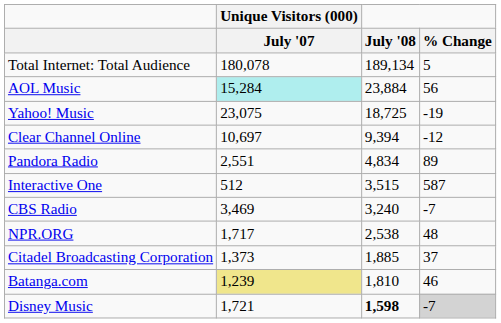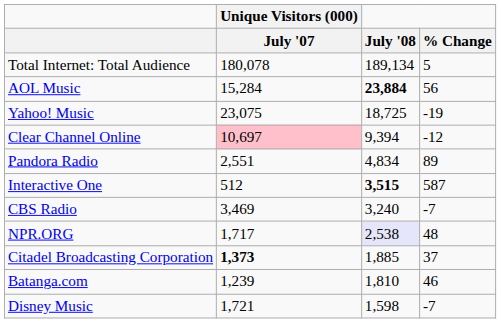 <table class="wikitable">
 <tr>
 <td></td>
 <th>Unique Visitors (000)</th>
 </tr>
 <tr>
 <th></th>
 <th>July '07</th>
 <th>July '08</th>
 <th>% Change</th>
 </tr>
 <tr>
 <td>Total Internet: Total Audience</td>
 <td>180,078</td>
 <td>189,134</td>
 <td>5</td>
 </tr>
 <tr>
 <td><a href='#'>AOL Music</a></td>
-<td style="background: paleturquoise;">15,284</td>
-<td>23,884</td>
+<td>15,284</td>
+<td><strong>23,884</strong></td>
 <td>56</td>
 </tr>
 <tr>
 <td><a href='#'>Yahoo! Music</a></td>
 <td>23,075</td>
 <td>18,725</td>
 <td>-19</td>
 </tr>
 <tr>
 <td><a href='#'>Clear Channel Online</a></td>
-<td>10,697</td>
+<td style="background: pink;">10,697</td>
 <td>9,394</td>
 <td>-12</td>
 </tr>
 <tr>
 <td><a href='#'>Pandora Radio</a></td>
 <td>2,551</td>
 <td>4,834</td>
 <td>89</td>
 </tr>
 <tr>
 <td><a href='#'>Interactive One</a></td>
 <td>512</td>
-<td>3,515</td>
+<td><strong>3,515</strong></td>
 <td>587</td>
 </tr>
 <tr>
 <td><a href='#'>CBS Radio</a></td>
 <td>3,469</td>
 <td>3,240</td>
 <td>-7</td>
 </tr>
 <tr>
 <td><a href='#'>NPR.ORG</a></td>
 <td>1,717</td>
-<td>2,538</td>
+<td style="background: lavender;">2,538</td>
 <td>48</td>
 </tr>
 <tr>
 <td><a href='#'>Citadel Broadcasting Corporation</a></td>
-<td>1,373</td>
+<td><strong>1,373</strong></td>
 <td>1,885</td>
 <td>37</td>
 </tr>
 <tr>
 <td><a href='#'>Batanga.com</a></td>
-<td style="background: khaki;">1,239</td>
+<td>1,239</td>
 <td>1,810</td>
 <td>46</td>
 </tr>
 <tr>
 <td><a href='#'>Disney Music</a></td>
 <td>1,721</td>
-<td><strong>1,598</strong></td>
-<td style="background: lightgrey;"> -7</td>
+<td>1,598</td>
+<td> -7</td>
 </tr>
 </table>
